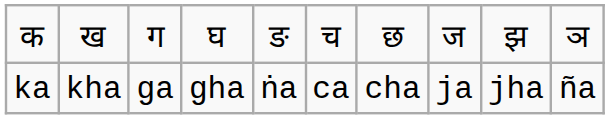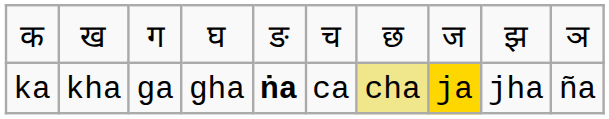 <table class="wikitable" style="margin: 0 auto; text-align: center;">
 <tr>
 <td>क</td>
 <td>ख</td>
 <td>ग</td>
 <td>घ</td>
 <td>ङ</td>
 <td>च</td>
 <td>छ</td>
 <td>ज</td>
 <td>झ</td>
 <td>ञ</td>
 </tr>
 <tr>
 <td>ka</td>
 <td>kha</td>
 <td>ga</td>
 <td>gha</td>
-<td>ṅa</td>
+<td><strong>ṅa</strong></td>
 <td>ca</td>
-<td>cha</td>
-<td>ja</td>
+<td style="background: khaki;">cha</td>
+<td style="background: gold;">ja</td>
 <td>jha</td>
 <td>ña</td>
 </tr>
 </table>
